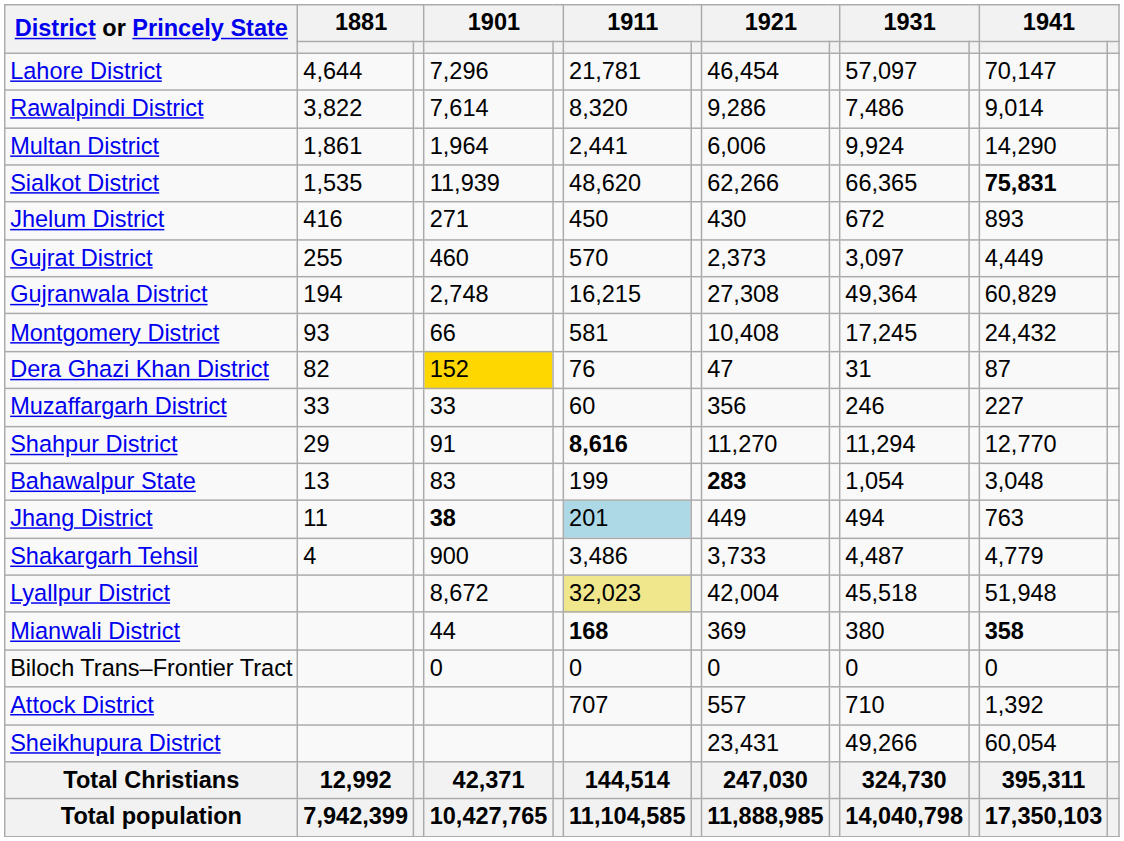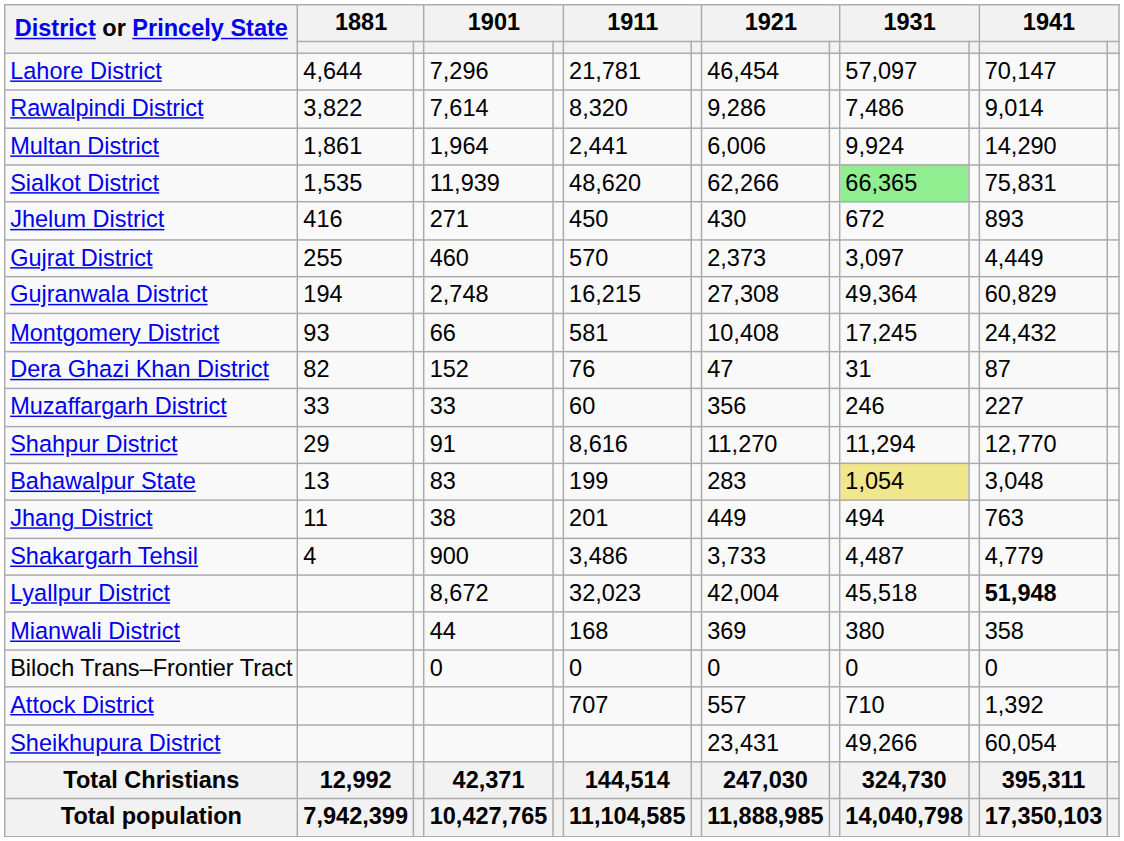 <table class="wikitable sortable">
 <tr>
 <th rowspan="2"><a href='#'>District</a> or <a href='#'>Princely State</a></th>
 <th colspan="2">1881</th>
 <th colspan="2">1901</th>
 <th colspan="2">1911</th>
 <th colspan="2">1921</th>
 <th colspan="2">1931</th>
 <th colspan="2">1941</th>
 </tr>
 <tr>
 <th><a href='#'></a></th>
 <th></th>
 <th></th>
 <th></th>
 <th></th>
 <th></th>
 <th></th>
 <th></th>
 <th></th>
 <th></th>
 <th></th>
 <th></th>
 </tr>
 <tr>
 <td><a href='#'>Lahore District</a></td>
 <td>4,644</td>
 <td></td>
 <td>7,296</td>
 <td></td>
 <td>21,781</td>
 <td></td>
 <td>46,454</td>
 <td></td>
 <td>57,097</td>
 <td></td>
 <td>70,147</td>
 <td></td>
 </tr>
 <tr>
 <td><a href='#'>Rawalpindi District</a></td>
 <td>3,822</td>
 <td></td>
 <td>7,614</td>
 <td></td>
 <td>8,320</td>
 <td></td>
 <td>9,286</td>
 <td></td>
 <td>7,486</td>
 <td></td>
 <td>9,014</td>
 <td></td>
 </tr>
 <tr>
 <td><a href='#'>Multan District</a></td>
 <td>1,861</td>
 <td></td>
 <td>1,964</td>
 <td></td>
 <td>2,441</td>
 <td></td>
 <td>6,006</td>
 <td></td>
 <td>9,924</td>
 <td></td>
 <td>14,290</td>
 <td></td>
 </tr>
 <tr>
 <td><a href='#'>Sialkot District</a></td>
 <td>1,535</td>
 <td></td>
 <td>11,939</td>
 <td></td>
 <td>48,620</td>
 <td></td>
 <td>62,266</td>
 <td></td>
-<td>66,365</td>
+<td style="background: lightgreen;">66,365</td>
 <td></td>
-<td><strong>75,831</strong></td>
+<td>75,831</td>
 <td></td>
 </tr>
 <tr>
 <td><a href='#'>Jhelum District</a></td>
 <td>416</td>
 <td></td>
 <td>271</td>
 <td></td>
 <td>450</td>
 <td></td>
 <td>430</td>
 <td></td>
 <td>672</td>
 <td></td>
 <td>893</td>
 <td></td>
 </tr>
 <tr>
 <td><a href='#'>Gujrat District</a></td>
 <td>255</td>
 <td></td>
 <td>460</td>
 <td></td>
 <td>570</td>
 <td></td>
 <td>2,373</td>
 <td></td>
 <td>3,097</td>
 <td></td>
 <td>4,449</td>
 <td></td>
 </tr>
 <tr>
 <td><a href='#'>Gujranwala District</a></td>
 <td>194</td>
 <td></td>
 <td>2,748</td>
 <td></td>
 <td>16,215</td>
 <td></td>
 <td>27,308</td>
 <td></td>
 <td>49,364</td>
 <td></td>
 <td>60,829</td>
 <td></td>
 </tr>
 <tr>
 <td><a href='#'>Montgomery District</a></td>
 <td>93</td>
 <td></td>
 <td>66</td>
 <td></td>
 <td>581</td>
 <td></td>
 <td>10,408</td>
 <td></td>
 <td>17,245</td>
 <td></td>
 <td>24,432</td>
 <td></td>
 </tr>
 <tr>
 <td><a href='#'>Dera Ghazi Khan District</a></td>
 <td>82</td>
 <td></td>
-<td style="background: gold;">152</td>
+<td>152</td>
 <td></td>
 <td>76</td>
 <td></td>
 <td>47</td>
 <td></td>
 <td>31</td>
 <td></td>
 <td>87</td>
 <td></td>
 </tr>
 <tr>
 <td><a href='#'>Muzaffargarh District</a></td>
 <td>33</td>
 <td></td>
 <td>33</td>
 <td></td>
 <td>60</td>
 <td></td>
 <td>356</td>
 <td></td>
 <td>246</td>
 <td></td>
 <td>227</td>
 <td></td>
 </tr>
 <tr>
 <td><a href='#'>Shahpur District</a></td>
 <td>29</td>
 <td></td>
 <td>91</td>
 <td></td>
-<td><strong>8,616</strong></td>
+<td>8,616</td>
 <td></td>
 <td>11,270</td>
 <td></td>
 <td>11,294</td>
 <td></td>
 <td>12,770</td>
 <td></td>
 </tr>
 <tr>
 <td><a href='#'>Bahawalpur State</a></td>
 <td>13</td>
 <td></td>
 <td>83</td>
 <td></td>
 <td>199</td>
 <td></td>
-<td><strong>283</strong></td>
+<td>283</td>
 <td></td>
-<td>1,054</td>
+<td style="background: khaki;">1,054</td>
 <td></td>
 <td>3,048</td>
 <td></td>
 </tr>
 <tr>
 <td><a href='#'>Jhang District</a></td>
 <td>11</td>
 <td></td>
-<td><strong>38</strong></td>
+<td>38</td>
 <td></td>
-<td style="background: lightblue;">201</td>
+<td>201</td>
 <td></td>
 <td>449</td>
 <td></td>
 <td>494</td>
 <td></td>
 <td>763</td>
 <td></td>
 </tr>
 <tr>
 <td><a href='#'>Shakargarh Tehsil</a></td>
 <td>4</td>
 <td></td>
 <td>900</td>
 <td></td>
 <td>3,486</td>
 <td></td>
 <td>3,733</td>
 <td></td>
 <td>4,487</td>
 <td></td>
 <td>4,779</td>
 <td></td>
 </tr>
 <tr>
 <td><a href='#'>Lyallpur District</a></td>
 <td></td>
 <td></td>
 <td>8,672</td>
 <td></td>
-<td style="background: khaki;">32,023</td>
+<td>32,023</td>
 <td></td>
 <td>42,004</td>
 <td></td>
 <td>45,518</td>
 <td></td>
-<td>51,948</td>
+<td><strong>51,948</strong></td>
 <td></td>
 </tr>
 <tr>
 <td><a href='#'>Mianwali District</a></td>
 <td></td>
 <td></td>
 <td>44</td>
 <td></td>
-<td><strong>168</strong></td>
+<td>168</td>
 <td></td>
 <td>369</td>
 <td></td>
 <td>380</td>
 <td></td>
-<td><strong>358</strong></td>
+<td>358</td>
 <td></td>
 </tr>
 <tr>
 <td>Biloch Trans–Frontier Tract</td>
 <td></td>
 <td></td>
 <td>0</td>
 <td></td>
 <td>0</td>
 <td></td>
 <td>0</td>
 <td></td>
 <td>0</td>
 <td></td>
 <td>0</td>
 <td></td>
 </tr>
 <tr>
 <td><a href='#'>Attock District</a></td>
 <td></td>
 <td></td>
 <td></td>
 <td></td>
 <td>707</td>
 <td></td>
 <td>557</td>
 <td></td>
 <td>710</td>
 <td></td>
 <td>1,392</td>
 <td></td>
 </tr>
 <tr>
 <td><a href='#'>Sheikhupura District</a></td>
 <td></td>
 <td></td>
 <td></td>
 <td></td>
 <td></td>
 <td></td>
 <td>23,431</td>
 <td></td>
 <td>49,266</td>
 <td></td>
 <td>60,054</td>
 <td></td>
 </tr>
 <tr>
 <th>Total Christians</th>
 <th>12,992</th>
 <th></th>
 <th>42,371</th>
 <th></th>
 <th>144,514</th>
 <th></th>
 <th>247,030</th>
 <th></th>
 <th>324,730</th>
 <th></th>
 <th>395,311</th>
 <th></th>
 </tr>
 <tr>
 <th>Total population</th>
 <th>7,942,399</th>
 <th></th>
 <th>10,427,765</th>
 <th></th>
 <th>11,104,585</th>
 <th></th>
 <th>11,888,985</th>
 <th></th>
 <th>14,040,798</th>
 <th></th>
 <th>17,350,103</th>
 <th></th>
 </tr>
 </table>
